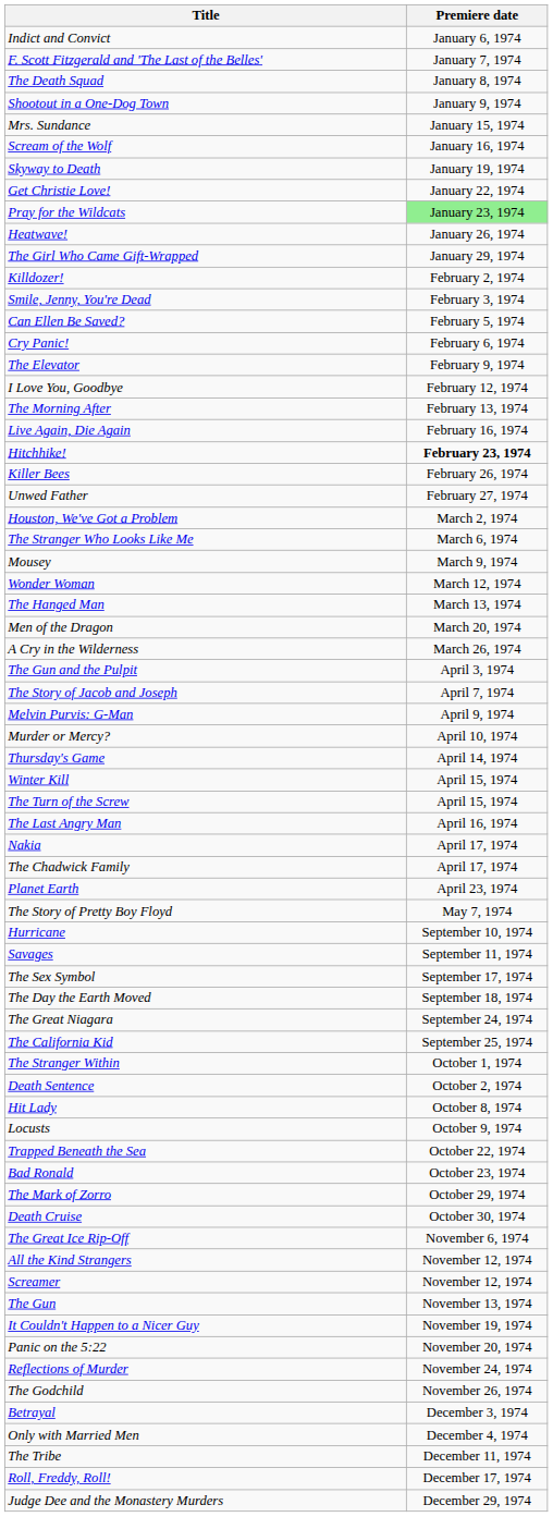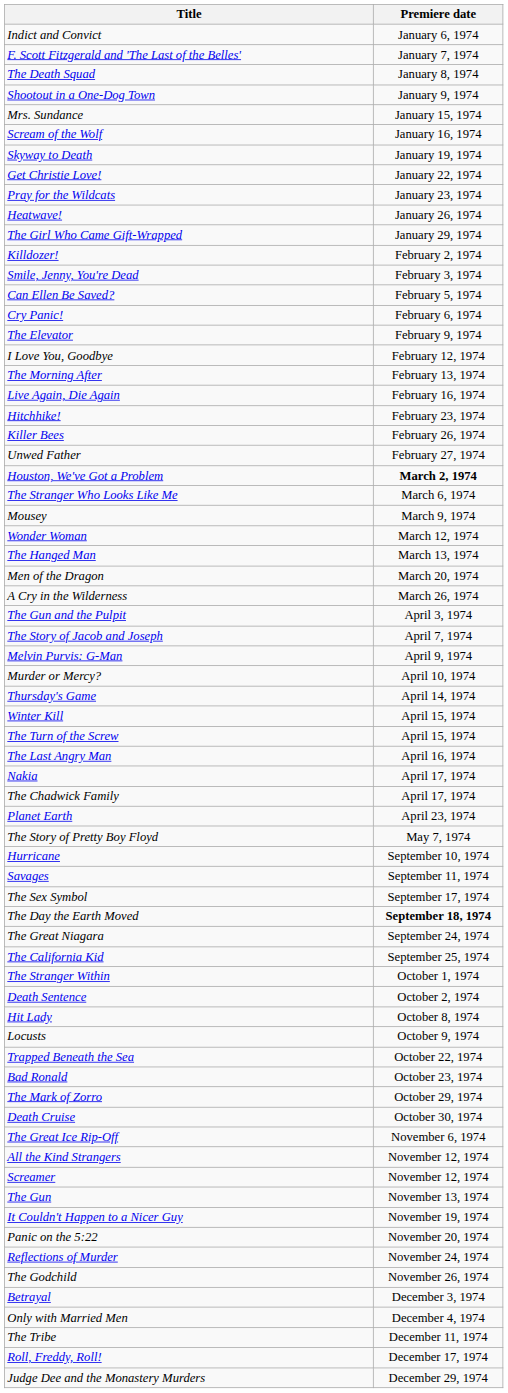 <table class="wikitable plainrowheaders sortable" style="width:50%;text-align:center;">
 <tr>
 <th scope="col" style="width:40%;">Title</th>
 <th scope="col" style="width:14%;">Premiere date</th>
 </tr>
 <tr>
 <td scope="row" style="text-align:left;"><em>Indict and Convict</em></td>
 <td>January 6, 1974</td>
 </tr>
 <tr>
 <td scope="row" style="text-align:left;"><em><a href='#'>F. Scott Fitzgerald and 'The Last of the Belles'</a></em></td>
 <td>January 7, 1974</td>
 </tr>
 <tr>
 <td scope="row" style="text-align:left;"><em><a href='#'>The Death Squad</a></em></td>
 <td>January 8, 1974</td>
 </tr>
 <tr>
 <td scope="row" style="text-align:left;"><em><a href='#'>Shootout in a One-Dog Town</a></em></td>
 <td>January 9, 1974</td>
 </tr>
 <tr>
 <td scope="row" style="text-align:left;"><em>Mrs. Sundance</em></td>
 <td>January 15, 1974</td>
 </tr>
 <tr>
 <td scope="row" style="text-align:left;"><em><a href='#'>Scream of the Wolf</a></em></td>
 <td>January 16, 1974</td>
 </tr>
 <tr>
 <td scope="row" style="text-align:left;"><em><a href='#'>Skyway to Death</a></em></td>
 <td>January 19, 1974</td>
 </tr>
 <tr>
 <td scope="row" style="text-align:left;"><em><a href='#'>Get Christie Love!</a></em></td>
 <td>January 22, 1974</td>
 </tr>
 <tr>
 <td scope="row" style="text-align:left;"><em><a href='#'>Pray for the Wildcats</a></em></td>
-<td style="background: lightgreen;">January 23, 1974</td>
+<td>January 23, 1974</td>
 </tr>
 <tr>
 <td scope="row" style="text-align:left;"><em><a href='#'>Heatwave!</a></em></td>
 <td>January 26, 1974</td>
 </tr>
 <tr>
 <td scope="row" style="text-align:left;"><em><a href='#'>The Girl Who Came Gift-Wrapped</a></em></td>
 <td>January 29, 1974</td>
 </tr>
 <tr>
 <td scope="row" style="text-align:left;"><em><a href='#'>Killdozer!</a></em></td>
 <td>February 2, 1974</td>
 </tr>
 <tr>
 <td scope="row" style="text-align:left;"><em><a href='#'>Smile, Jenny, You're Dead</a></em></td>
 <td>February 3, 1974</td>
 </tr>
 <tr>
 <td scope="row" style="text-align:left;"><em><a href='#'>Can Ellen Be Saved?</a></em></td>
 <td>February 5, 1974</td>
 </tr>
 <tr>
 <td scope="row" style="text-align:left;"><em><a href='#'>Cry Panic!</a></em></td>
 <td>February 6, 1974</td>
 </tr>
 <tr>
 <td scope="row" style="text-align:left;"><em><a href='#'>The Elevator</a></em></td>
 <td>February 9, 1974</td>
 </tr>
 <tr>
 <td scope="row" style="text-align:left;"><em>I Love You, Goodbye</em></td>
 <td>February 12, 1974</td>
 </tr>
 <tr>
 <td scope="row" style="text-align:left;"><em><a href='#'>The Morning After</a></em></td>
 <td>February 13, 1974</td>
 </tr>
 <tr>
 <td scope="row" style="text-align:left;"><em><a href='#'>Live Again, Die Again</a></em></td>
 <td>February 16, 1974</td>
 </tr>
 <tr>
 <td scope="row" style="text-align:left;"><em><a href='#'>Hitchhike!</a></em></td>
-<td><strong>February 23, 1974</strong></td>
+<td>February 23, 1974</td>
 </tr>
 <tr>
 <td scope="row" style="text-align:left;"><em><a href='#'>Killer Bees</a></em></td>
 <td>February 26, 1974</td>
 </tr>
 <tr>
 <td scope="row" style="text-align:left;"><em>Unwed Father</em></td>
 <td>February 27, 1974</td>
 </tr>
 <tr>
 <td scope="row" style="text-align:left;"><em><a href='#'>Houston, We've Got a Problem</a></em></td>
-<td>March 2, 1974</td>
+<td><strong>March 2, 1974</strong></td>
 </tr>
 <tr>
 <td scope="row" style="text-align:left;"><em><a href='#'>The Stranger Who Looks Like Me</a></em></td>
 <td>March 6, 1974</td>
 </tr>
 <tr>
 <td scope="row" style="text-align:left;"><em>Mousey</em></td>
 <td>March 9, 1974</td>
 </tr>
 <tr>
 <td scope="row" style="text-align:left;"><em><a href='#'>Wonder Woman</a></em></td>
 <td>March 12, 1974</td>
 </tr>
 <tr>
 <td scope="row" style="text-align:left;"><em><a href='#'>The Hanged Man</a></em></td>
 <td>March 13, 1974</td>
 </tr>
 <tr>
 <td scope="row" style="text-align:left;"><em>Men of the Dragon</em></td>
 <td>March 20, 1974</td>
 </tr>
 <tr>
 <td scope="row" style="text-align:left;"><em>A Cry in the Wilderness</em></td>
 <td>March 26, 1974</td>
 </tr>
 <tr>
 <td scope="row" style="text-align:left;"><em><a href='#'>The Gun and the Pulpit</a></em></td>
 <td>April 3, 1974</td>
 </tr>
 <tr>
 <td scope="row" style="text-align:left;"><em><a href='#'>The Story of Jacob and Joseph</a></em></td>
 <td>April 7, 1974</td>
 </tr>
 <tr>
 <td scope="row" style="text-align:left;"><em><a href='#'>Melvin Purvis: G-Man</a></em></td>
 <td>April 9, 1974</td>
 </tr>
 <tr>
 <td scope="row" style="text-align:left;"><em>Murder or Mercy?</em></td>
 <td>April 10, 1974</td>
 </tr>
 <tr>
 <td scope="row" style="text-align:left;"><em><a href='#'>Thursday's Game</a></em></td>
 <td>April 14, 1974</td>
 </tr>
 <tr>
 <td scope="row" style="text-align:left;"><em><a href='#'>Winter Kill</a></em></td>
 <td>April 15, 1974</td>
 </tr>
 <tr>
 <td scope="row" style="text-align:left;"><em><a href='#'>The Turn of the Screw</a></em></td>
 <td>April 15, 1974</td>
 </tr>
 <tr>
 <td scope="row" style="text-align:left;"><em><a href='#'>The Last Angry Man</a></em></td>
 <td>April 16, 1974</td>
 </tr>
 <tr>
 <td scope="row" style="text-align:left;"><em><a href='#'>Nakia</a></em></td>
 <td>April 17, 1974</td>
 </tr>
 <tr>
 <td scope="row" style="text-align:left;"><em>The Chadwick Family</em></td>
 <td>April 17, 1974</td>
 </tr>
 <tr>
 <td scope="row" style="text-align:left;"><em><a href='#'>Planet Earth</a></em></td>
 <td>April 23, 1974</td>
 </tr>
 <tr>
 <td scope="row" style="text-align:left;"><em>The Story of Pretty Boy Floyd</em></td>
 <td>May 7, 1974</td>
 </tr>
 <tr>
 <td scope="row" style="text-align:left;"><em><a href='#'>Hurricane</a></em></td>
 <td>September 10, 1974</td>
 </tr>
 <tr>
 <td scope="row" style="text-align:left;"><em><a href='#'>Savages</a></em></td>
 <td>September 11, 1974</td>
 </tr>
 <tr>
 <td scope="row" style="text-align:left;"><em>The Sex Symbol</em></td>
 <td>September 17, 1974</td>
 </tr>
 <tr>
 <td scope="row" style="text-align:left;"><em>The Day the Earth Moved</em></td>
-<td>September 18, 1974</td>
+<td><strong>September 18, 1974</strong></td>
 </tr>
 <tr>
 <td scope="row" style="text-align:left;"><em>The Great Niagara</em></td>
 <td>September 24, 1974</td>
 </tr>
 <tr>
 <td scope="row" style="text-align:left;"><em><a href='#'>The California Kid</a></em></td>
 <td>September 25, 1974</td>
 </tr>
 <tr>
 <td scope="row" style="text-align:left;"><em><a href='#'>The Stranger Within</a></em></td>
 <td>October 1, 1974</td>
 </tr>
 <tr>
 <td scope="row" style="text-align:left;"><em><a href='#'>Death Sentence</a></em></td>
 <td>October 2, 1974</td>
 </tr>
 <tr>
 <td scope="row" style="text-align:left;"><em><a href='#'>Hit Lady</a></em></td>
 <td>October 8, 1974</td>
 </tr>
 <tr>
 <td scope="row" style="text-align:left;"><em>Locusts</em></td>
 <td>October 9, 1974</td>
 </tr>
 <tr>
 <td scope="row" style="text-align:left;"><em><a href='#'>Trapped Beneath the Sea</a></em></td>
 <td>October 22, 1974</td>
 </tr>
 <tr>
 <td scope="row" style="text-align:left;"><em><a href='#'>Bad Ronald</a></em></td>
 <td>October 23, 1974</td>
 </tr>
 <tr>
 <td scope="row" style="text-align:left;"><em><a href='#'>The Mark of Zorro</a></em></td>
 <td>October 29, 1974</td>
 </tr>
 <tr>
 <td scope="row" style="text-align:left;"><em><a href='#'>Death Cruise</a></em></td>
 <td>October 30, 1974</td>
 </tr>
 <tr>
 <td scope="row" style="text-align:left;"><em><a href='#'>The Great Ice Rip-Off</a></em></td>
 <td>November 6, 1974</td>
 </tr>
 <tr>
 <td scope="row" style="text-align:left;"><em><a href='#'>All the Kind Strangers</a></em></td>
 <td>November 12, 1974</td>
 </tr>
 <tr>
 <td scope="row" style="text-align:left;"><em><a href='#'>Screamer</a></em></td>
 <td>November 12, 1974</td>
 </tr>
 <tr>
 <td scope="row" style="text-align:left;"><em><a href='#'>The Gun</a></em></td>
 <td>November 13, 1974</td>
 </tr>
 <tr>
 <td scope="row" style="text-align:left;"><em><a href='#'>It Couldn't Happen to a Nicer Guy</a></em></td>
 <td>November 19, 1974</td>
 </tr>
 <tr>
 <td scope="row" style="text-align:left;"><em>Panic on the 5:22</em></td>
 <td>November 20, 1974</td>
 </tr>
 <tr>
 <td scope="row" style="text-align:left;"><em><a href='#'>Reflections of Murder</a></em></td>
 <td>November 24, 1974</td>
 </tr>
 <tr>
 <td scope="row" style="text-align:left;"><em>The Godchild</em></td>
 <td>November 26, 1974</td>
 </tr>
 <tr>
 <td scope="row" style="text-align:left;"><em><a href='#'>Betrayal</a></em></td>
 <td>December 3, 1974</td>
 </tr>
 <tr>
 <td scope="row" style="text-align:left;"><em>Only with Married Men</em></td>
 <td>December 4, 1974</td>
 </tr>
 <tr>
 <td scope="row" style="text-align:left;"><em>The Tribe</em></td>
 <td>December 11, 1974</td>
 </tr>
 <tr>
 <td scope="row" style="text-align:left;"><em><a href='#'>Roll, Freddy, Roll!</a></em></td>
 <td>December 17, 1974</td>
 </tr>
 <tr>
 <td scope="row" style="text-align:left;"><em>Judge Dee and the Monastery Murders</em></td>
 <td>December 29, 1974</td>
 </tr>
 </table>
